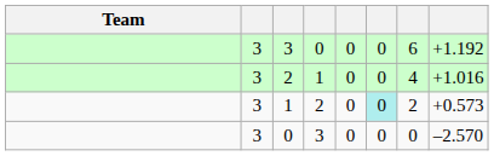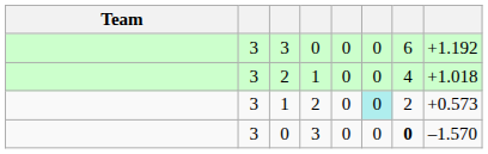 <table class="wikitable" style="text-align:center">
 <tr>
 <th width=200>Team</th>
 <th width=20></th>
 <th width=20></th>
 <th width=20></th>
 <th width=20></th>
 <th width=20></th>
 <th width=20></th>
 <th width=45></th>
 </tr>
 <tr bgcolor=ccffcc>
 <td align="left"></td>
 <td>3</td>
 <td>3</td>
 <td>0</td>
 <td>0</td>
 <td>0</td>
 <td>6</td>
 <td>+1.192</td>
 </tr>
 <tr bgcolor=ccffcc>
 <td align="left"></td>
 <td>3</td>
 <td>2</td>
 <td>1</td>
 <td>0</td>
 <td>0</td>
 <td>4</td>
-<td>+1.016</td>
+<td>+1.018</td>
 </tr>
 <tr>
 <td align="left"></td>
 <td>3</td>
 <td>1</td>
 <td>2</td>
 <td>0</td>
 <td style="background: paleturquoise;">0</td>
 <td>2</td>
 <td>+0.573</td>
 </tr>
 <tr>
 <td align="left"></td>
 <td>3</td>
 <td>0</td>
 <td>3</td>
 <td>0</td>
 <td>0</td>
-<td>0</td>
-<td>–2.570</td>
+<td><strong>0</strong></td>
+<td>–1.570</td>
 </tr>
 </table>
